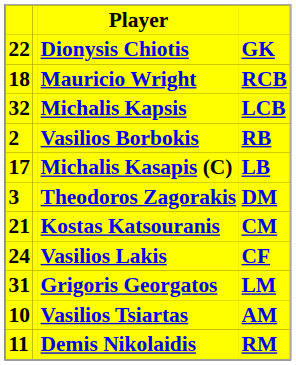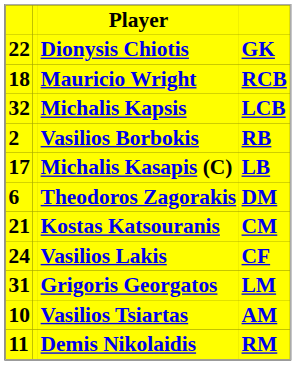 <table class="toccolours" border="0" cellpadding="2" cellspacing="0" align="center" style="margin: 0.5em 0 1em 1em; background: #000000; border: 1px #aaaaaa solid;">
 <tr bgcolor=#FFFF00>
 <th></th>
 <th></th>
 <th>Player</th>
 <th></th>
 </tr>
 <tr bgcolor=#FFFF00>
 <td><strong>22</strong></td>
 <td></td>
 <td><a href='#'><span><strong>Dionysis Chiotis</strong></span></a></td>
 <td><a href='#'><strong>GK</strong></a></td>
 </tr>
 <tr bgcolor=#FFFF00>
 <td><strong>18</strong></td>
 <td></td>
 <td><a href='#'><span><strong>Mauricio Wright</strong></span></a></td>
 <td><a href='#'><strong>RCB</strong></a></td>
 </tr>
 <tr bgcolor=#FFFF00>
 <td><strong>32</strong></td>
 <td></td>
 <td><a href='#'><span><strong>Michalis Kapsis</strong></span></a></td>
 <td><a href='#'><strong>LCB</strong></a></td>
 </tr>
 <tr bgcolor=#FFFF00>
 <td><strong>2</strong></td>
 <td></td>
 <td><a href='#'><span><strong>Vasilios Borbokis</strong></span></a></td>
 <td><a href='#'><strong>RB</strong></a></td>
 </tr>
 <tr bgcolor=#FFFF00>
 <td><strong>17</strong></td>
 <td></td>
 <td><a href='#'><span><strong>Michalis Kasapis</strong></span></a> <strong>(C)</strong></td>
 <td><a href='#'><strong>LB</strong></a></td>
 </tr>
 <tr bgcolor=#FFFF00>
-<td><strong>3</strong></td>
+<td><strong>6</strong></td>
 <td></td>
 <td><a href='#'><span><strong>Theodoros Zagorakis</strong></span></a></td>
 <td><a href='#'><strong>DM</strong></a></td>
 </tr>
 <tr bgcolor=#FFFF00>
 <td><strong>21</strong></td>
 <td></td>
 <td><a href='#'><span><strong>Kostas Katsouranis</strong></span></a></td>
 <td><a href='#'><strong>CM</strong></a></td>
 </tr>
 <tr bgcolor=#FFFF00>
 <td><strong>24</strong></td>
 <td></td>
 <td><a href='#'><span><strong>Vasilios Lakis</strong></span></a></td>
 <td><a href='#'><strong>CF</strong></a></td>
 </tr>
 <tr bgcolor=#FFFF00>
 <td><strong>31</strong></td>
 <td></td>
 <td><a href='#'><span><strong>Grigoris Georgatos</strong></span></a></td>
 <td><a href='#'><strong>LM</strong></a></td>
 </tr>
 <tr bgcolor=#FFFF00>
 <td><strong>10</strong></td>
 <td></td>
 <td><a href='#'><span><strong>Vasilios Tsiartas</strong></span></a></td>
 <td><a href='#'><strong>AM</strong></a></td>
 </tr>
 <tr bgcolor=#FFFF00>
 <td><strong>11</strong></td>
 <td></td>
 <td><a href='#'><span><strong>Demis Nikolaidis</strong></span></a></td>
 <td><a href='#'><strong>RM</strong></a></td>
 </tr>
 </table>
